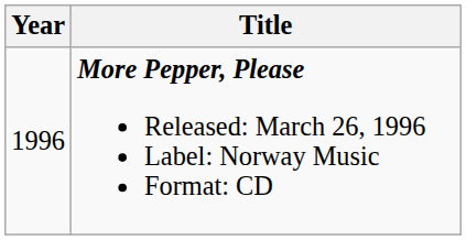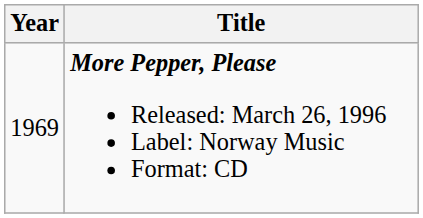 <table class="wikitable">
 <tr>
 <th>Year</th>
 <th style="width:225px;">Title</th>
 </tr>
 <tr>
-<td>1996</td>
+<td>1969</td>
 <td><strong><em>More Pepper, Please</em></strong><br><ul><li>Released: March 26, 1996</li><li>Label: Norway Music </li><li>Format: CD</li></ul></td>
 </tr>
 </table>
